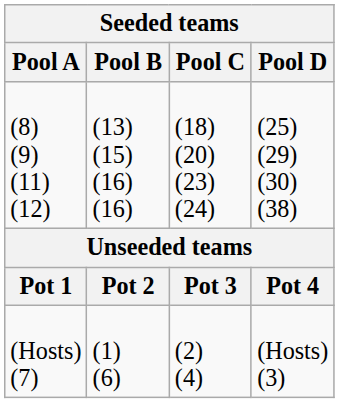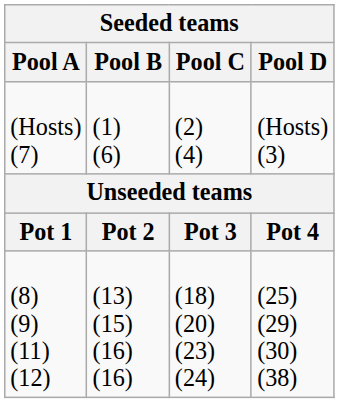 <table class="wikitable">
 <tr>
 <th colspan=4>Seeded teams</th>
 </tr>
 <tr>
 <th width=25%>Pool A</th>
 <th width=25%>Pool B</th>
 <th width=25%>Pool C</th>
 <th width=25%>Pool D</th>
 </tr>
 <tr>
-<td><br> (8)<br>  (9)<br>  (11)<br>  (12)</td>
-<td><br> (13)<br>  (15)<br>  (16)<br>  (16)</td>
-<td><br> (18)<br>  (20)<br>  (23)<br>  (24)</td>
-<td><br> (25)<br>  (29)<br>  (30)<br>  (38)</td>
+<td><br> (Hosts)<br>  (7)</td>
+<td><br> (1)<br>  (6)</td>
+<td><br> (2)<br>  (4)</td>
+<td><br> (Hosts)<br>  (3)</td>
 </tr>
 <tr>
 <th colspan=4>Unseeded teams</th>
 </tr>
 <tr>
 <th width=25%>Pot 1</th>
 <th width=25%>Pot 2</th>
 <th width=25%>Pot 3</th>
 <th width=25%>Pot 4</th>
 </tr>
 <tr>
-<td><br> (Hosts)<br>  (7)</td>
-<td><br> (1)<br>  (6)</td>
-<td><br> (2)<br>  (4)</td>
-<td><br> (Hosts)<br>  (3)</td>
+<td><br> (8)<br>  (9)<br>  (11)<br>  (12)</td>
+<td><br> (13)<br>  (15)<br>  (16)<br>  (16)</td>
+<td><br> (18)<br>  (20)<br>  (23)<br>  (24)</td>
+<td><br> (25)<br>  (29)<br>  (30)<br>  (38)</td>
 </tr>
 </table>
